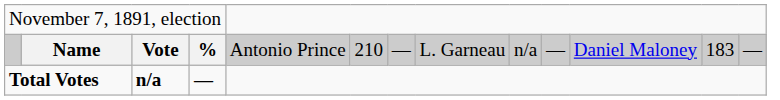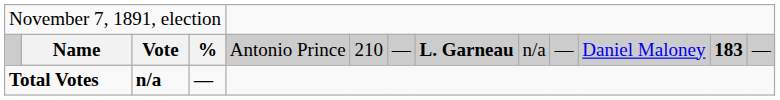 <table class="wikitable">
 <tr>
 <td colspan=4 align=center>November 7, 1891, election</td>
 </tr>
 <tr bgcolor="CCCCCC">
 <td></td>
 <th><strong>Name </strong></th>
 <th><strong>Vote</strong></th>
 <th><strong>%</strong><br></th>
 <td>Antonio Prince</td>
 <td>210</td>
 <td>—<br></td>
-<td>L. Garneau</td>
+<td><strong>L. Garneau</strong></td>
 <td>n/a</td>
 <td>—<br></td>
 <td><a href='#'>Daniel Maloney</a></td>
-<td>183</td>
+<td><strong>183</strong></td>
 <td>—</td>
 </tr>
 <tr>
 <td colspan=2><strong>Total Votes</strong></td>
 <td><strong>n/a</strong></td>
 <td><strong>—</strong></td>
 </tr>
 </table>
